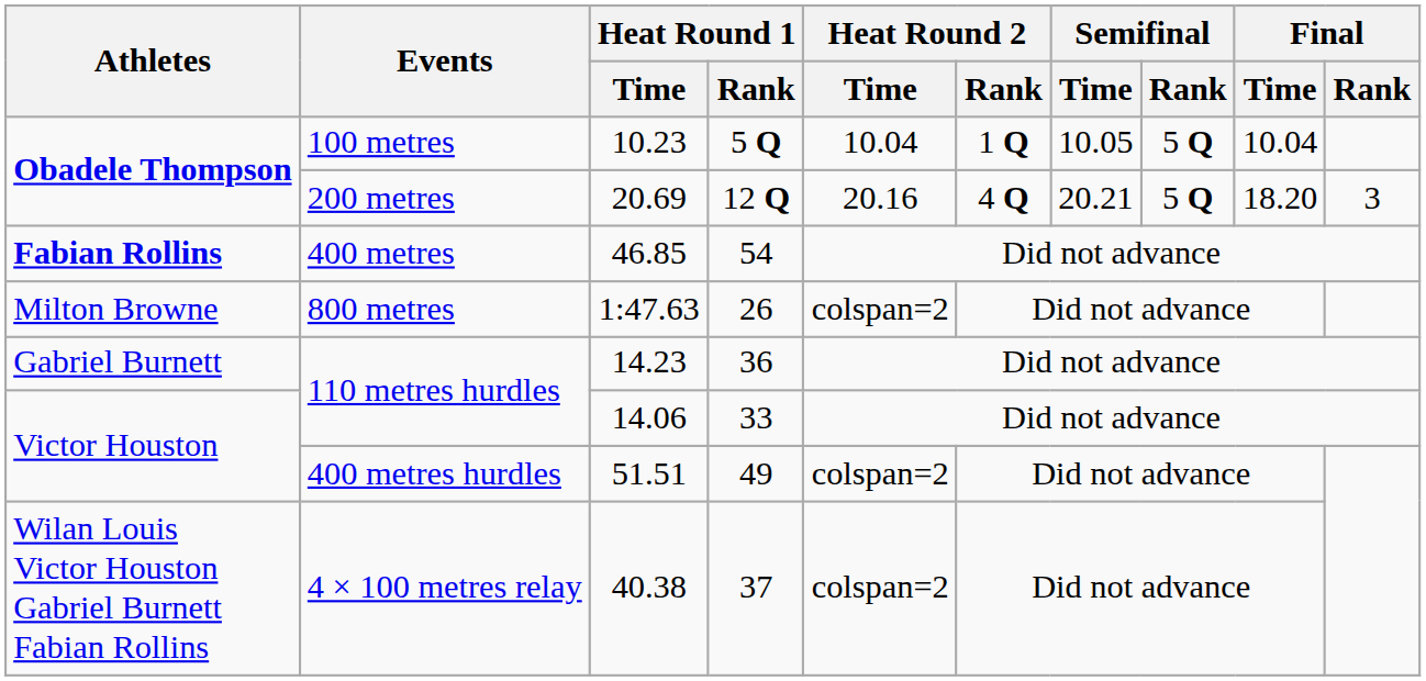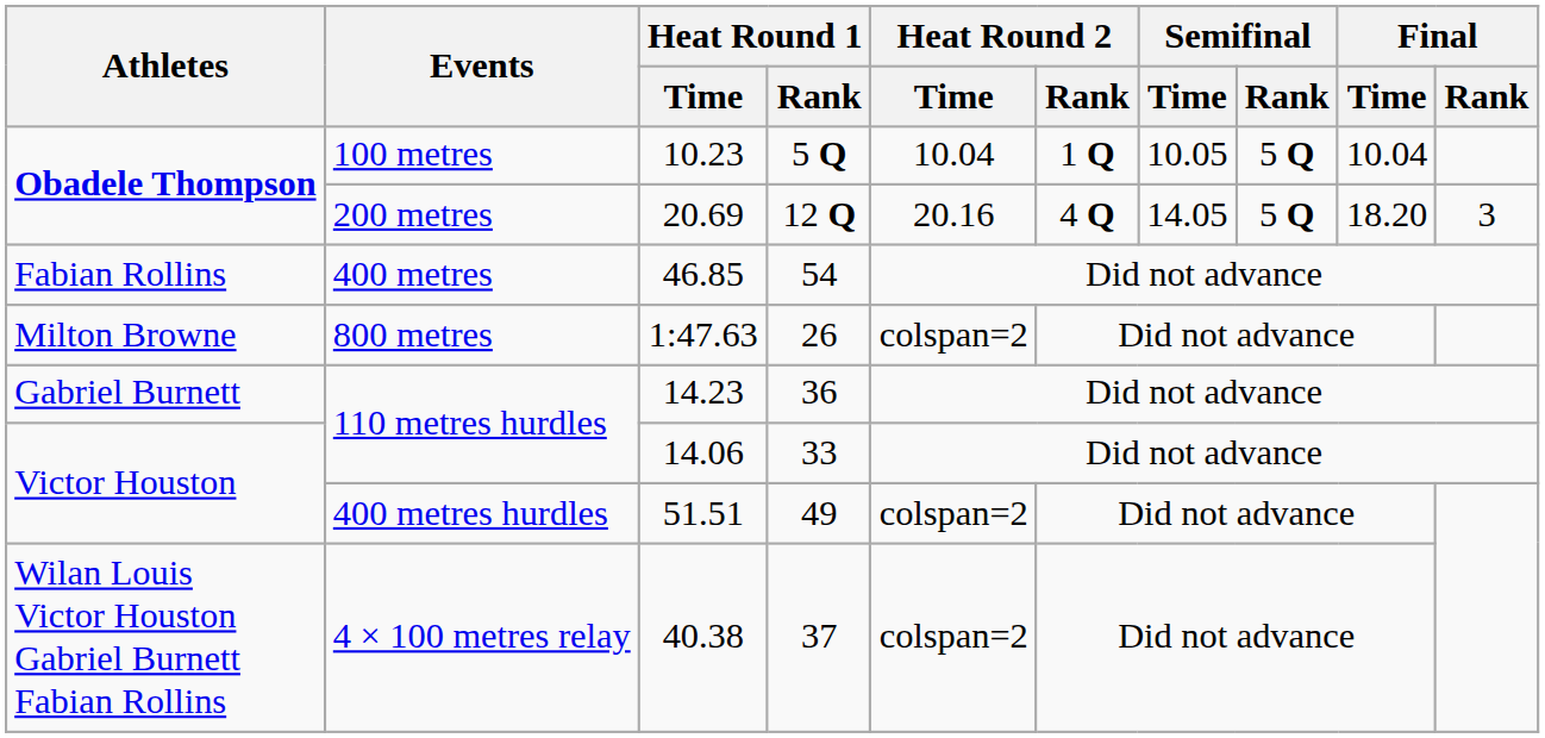 <table class=wikitable style=font-size:90%>
 <tr>
 <th rowspan=2>Athletes</th>
 <th rowspan=2>Events</th>
 <th colspan=2>Heat Round 1</th>
 <th colspan=2>Heat Round 2</th>
 <th colspan=2>Semifinal</th>
 <th colspan=2>Final</th>
 </tr>
 <tr>
 <th>Time</th>
 <th>Rank</th>
 <th>Time</th>
 <th>Rank</th>
 <th>Time</th>
 <th>Rank</th>
 <th>Time</th>
 <th>Rank</th>
 </tr>
 <tr>
 <td rowspan=2><strong><a href='#'>Obadele Thompson</a></strong></td>
 <td><a href='#'>100 metres</a></td>
 <td align=center>10.23</td>
 <td align=center>5 <strong>Q</strong></td>
 <td align=center>10.04</td>
 <td align=center>1 <strong>Q</strong></td>
 <td align=center>10.05</td>
 <td align=center>5 <strong>Q</strong></td>
 <td align=center>10.04</td>
 <td align=center></td>
 </tr>
 <tr>
 <td><a href='#'>200 metres</a></td>
 <td align=center>20.69</td>
 <td align=center>12 <strong>Q</strong></td>
 <td align=center>20.16</td>
 <td align=center>4 <strong>Q</strong></td>
-<td align=center>20.21</td>
+<td align=center>14.05</td>
 <td align=center>5 <strong>Q</strong></td>
 <td align=center>18.20</td>
 <td align=center>3</td>
 </tr>
 <tr>
-<td><strong><a href='#'>Fabian Rollins</a></strong></td>
+<td><a href='#'>Fabian Rollins</a></td>
 <td><a href='#'>400 metres</a></td>
 <td align=center>46.85</td>
 <td align=center>54</td>
 <td align=center colspan=6>Did not advance</td>
 </tr>
 <tr>
 <td><a href='#'>Milton Browne</a></td>
 <td><a href='#'>800 metres</a></td>
 <td align=center>1:47.63</td>
 <td align=center>26</td>
 <td>colspan=2</td>
 <td align=center colspan=4>Did not advance</td>
 </tr>
 <tr>
 <td><a href='#'>Gabriel Burnett</a></td>
 <td rowspan=2><a href='#'>110 metres hurdles</a></td>
 <td align=center>14.23</td>
 <td align=center>36</td>
 <td align=center colspan=6>Did not advance</td>
 </tr>
 <tr>
 <td rowspan=2><a href='#'>Victor Houston</a></td>
 <td align=center>14.06</td>
 <td align=center>33</td>
 <td align=center colspan=6>Did not advance</td>
 </tr>
 <tr>
 <td><a href='#'>400 metres hurdles</a></td>
 <td align=center>51.51</td>
 <td align=center>49</td>
 <td>colspan=2</td>
 <td align=center colspan=4>Did not advance</td>
 </tr>
 <tr>
 <td><a href='#'>Wilan Louis</a><br><a href='#'>Victor Houston</a><br><a href='#'>Gabriel Burnett</a><br><a href='#'>Fabian Rollins</a></td>
 <td rowspan=2><a href='#'>4 × 100 metres relay</a></td>
 <td align=center>40.38</td>
 <td align=center>37</td>
 <td>colspan=2</td>
 <td align=center colspan=4>Did not advance</td>
 </tr>
 </table>
